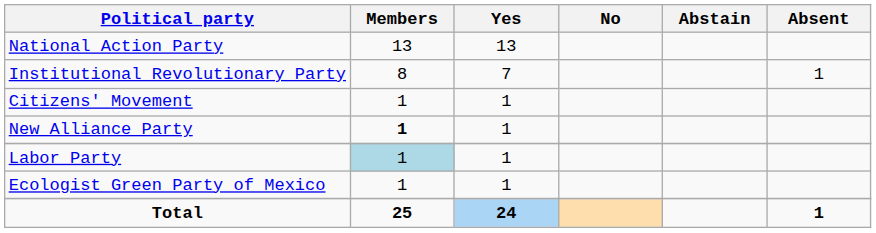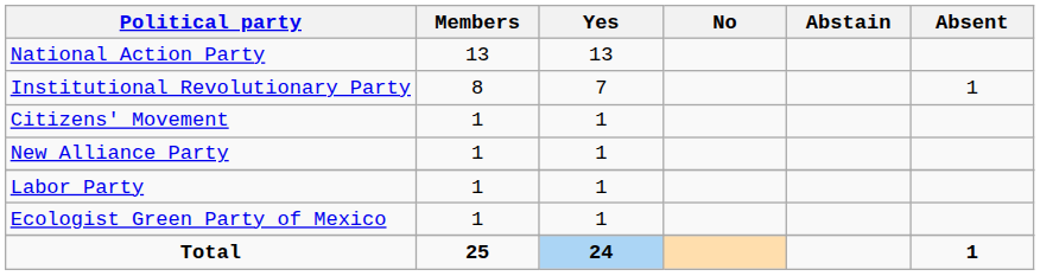 <table class="wikitable">
 <tr>
 <th><a href='#'>Political party</a></th>
 <th style="width:55pt;">Members</th>
 <th style="width:55pt;">Yes</th>
 <th style="width:55pt;">No</th>
 <th style="width:55pt;">Abstain</th>
 <th style="width:55pt;">Absent</th>
 </tr>
 <tr>
 <td align="left"> <a href='#'>National Action Party</a></td>
 <td style="text-align:center;">13</td>
 <td style="text-align:center;">13</td>
 <td style="text-align:center;"></td>
 <td style="text-align:center;"></td>
 <td style="text-align:center;"></td>
 </tr>
 <tr>
 <td align="left"> <a href='#'>Institutional Revolutionary Party</a></td>
 <td style="text-align:center;">8</td>
 <td style="text-align:center;">7</td>
 <td style="text-align:center;"></td>
 <td style="text-align:center;"></td>
 <td style="text-align:center;">1</td>
 </tr>
 <tr>
 <td align="left"> <a href='#'>Citizens' Movement</a></td>
 <td style="text-align:center;">1</td>
 <td style="text-align:center;">1</td>
 <td style="text-align:center;"></td>
 <td style="text-align:center;"></td>
 <td style="text-align:center;"></td>
 </tr>
 <tr>
 <td align="left"> <a href='#'>New Alliance Party</a></td>
-<td style="text-align:center;"><strong>1</strong></td>
+<td style="text-align:center;">1</td>
 <td style="text-align:center;">1</td>
 <td style="text-align:center;"></td>
 <td style="text-align:center;"></td>
 <td style="text-align:center;"></td>
 </tr>
 <tr style="text-align:center;">
 </tr>
 <tr>
 <td align="left"> <a href='#'>Labor Party</a></td>
-<td style="background: lightblue; text-align:center;">1</td>
+<td style="text-align:center;">1</td>
 <td style="text-align:center;">1</td>
 <td style="text-align:center;"></td>
 <td style="text-align:center;"></td>
 <td style="text-align:center;"></td>
 </tr>
 <tr>
 <td align="left"> <a href='#'>Ecologist Green Party of Mexico</a></td>
 <td style="text-align:center;">1</td>
 <td style="text-align:center;">1</td>
 <td style="text-align:center;"></td>
 <td style="text-align:center;"></td>
 <td style="text-align:center;"></td>
 </tr>
 <tr>
 </tr>
 <tr style="text-align:center;">
 <td><strong>Total</strong></td>
 <td style="Text-align:center;"><strong>25</strong></td>
 <td style="background:#abd5f5;"><strong>24</strong></td>
 <td style="background:#ffdead;"></td>
 <td style="text-align:center;"></td>
 <td style="text-align:center;"><strong>1</strong></td>
 </tr>
 </table>
